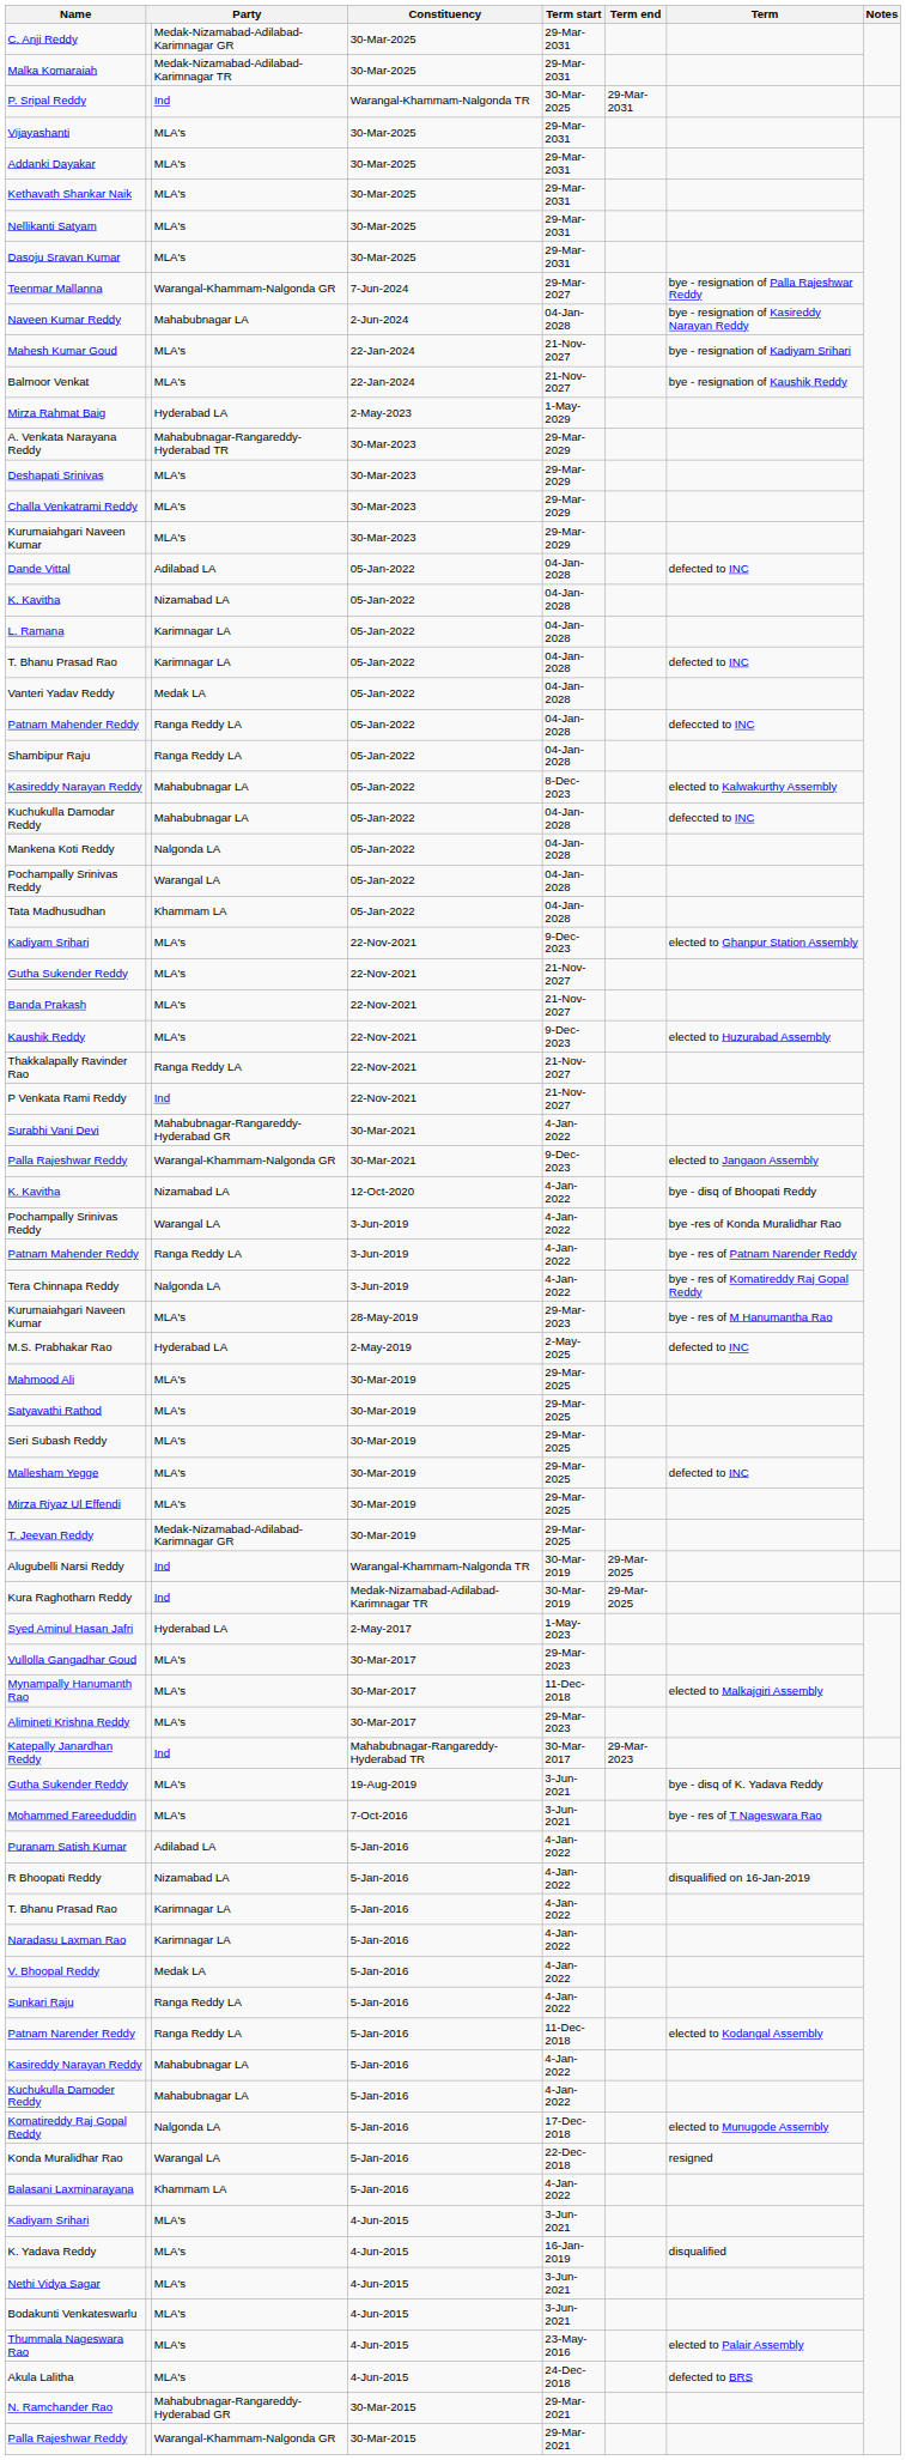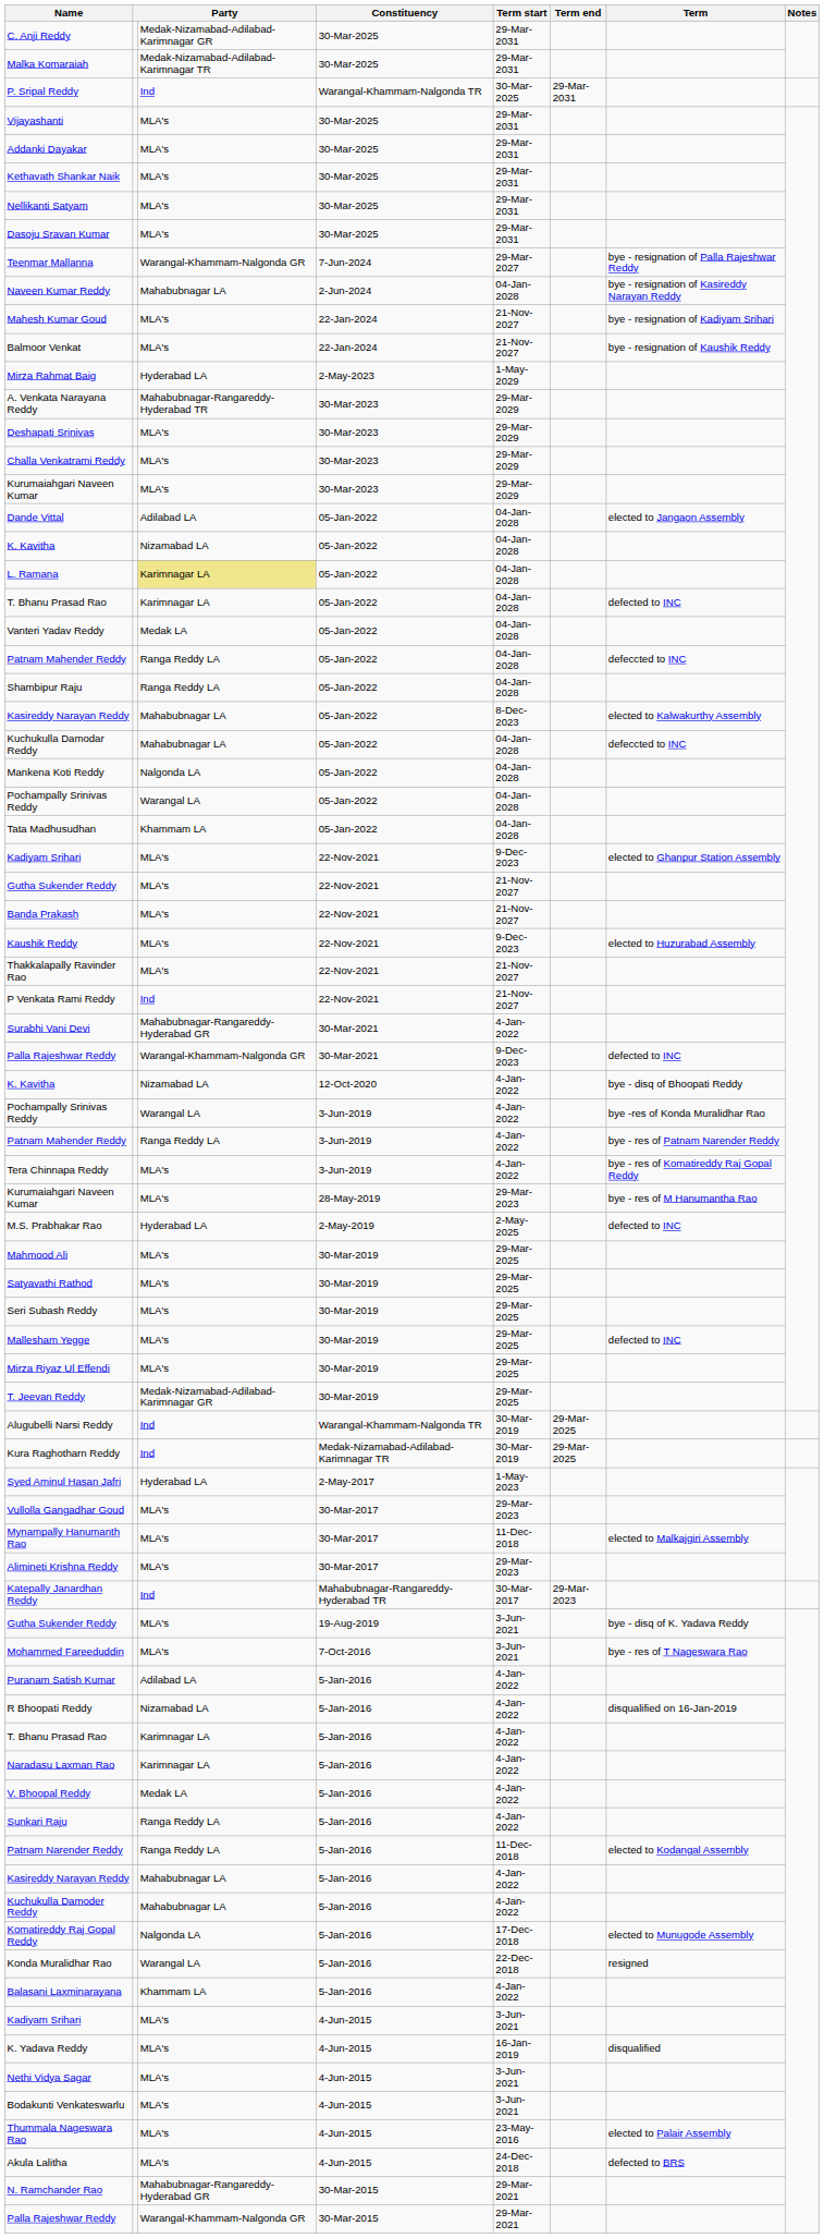 <table class="wikitable sortable">
 <tr>
 <th>Name</th>
 <th colspan="2">Party</th>
 <th>Constituency</th>
 <th>Term start</th>
 <th>Term end</th>
 <th>Term</th>
 <th>Notes</th>
 </tr>
 <tr>
 <td><a href='#'>C. Anji Reddy</a></td>
 <td></td>
 <td>Medak-Nizamabad-Adilabad-Karimnagar GR</td>
 <td>30-Mar-2025</td>
 <td>29-Mar-2031</td>
 <td></td>
 <td></td>
 </tr>
 <tr>
 <td><a href='#'>Malka Komaraiah</a></td>
 <td></td>
 <td>Medak-Nizamabad-Adilabad-Karimnagar TR</td>
 <td>30-Mar-2025</td>
 <td>29-Mar-2031</td>
 <td></td>
 <td></td>
 </tr>
 <tr>
 <td><a href='#'>P. Sripal Reddy</a></td>
 <td style="background-color: "></td>
 <td><a href='#'>Ind</a></td>
 <td>Warangal-Khammam-Nalgonda TR</td>
 <td>30-Mar-2025</td>
 <td>29-Mar-2031</td>
 <td></td>
 <td></td>
 </tr>
 <tr>
 <td><a href='#'>Vijayashanti</a></td>
 <td></td>
 <td>MLA's</td>
 <td>30-Mar-2025</td>
 <td>29-Mar-2031</td>
 <td></td>
 <td></td>
 </tr>
 <tr>
 <td><a href='#'>Addanki Dayakar</a></td>
 <td></td>
 <td>MLA's</td>
 <td>30-Mar-2025</td>
 <td>29-Mar-2031</td>
 <td></td>
 <td></td>
 </tr>
 <tr>
 <td><a href='#'>Kethavath Shankar Naik</a></td>
 <td></td>
 <td>MLA's</td>
 <td>30-Mar-2025</td>
 <td>29-Mar-2031</td>
 <td></td>
 <td></td>
 </tr>
 <tr>
 <td><a href='#'>Nellikanti Satyam</a></td>
 <td></td>
 <td>MLA's</td>
 <td>30-Mar-2025</td>
 <td>29-Mar-2031</td>
 <td></td>
 <td></td>
 </tr>
 <tr>
 <td><a href='#'>Dasoju Sravan Kumar</a></td>
 <td></td>
 <td>MLA's</td>
 <td>30-Mar-2025</td>
 <td>29-Mar-2031</td>
 <td></td>
 <td></td>
 </tr>
 <tr>
 <td><a href='#'>Teenmar Mallanna</a></td>
 <td></td>
 <td>Warangal-Khammam-Nalgonda GR</td>
 <td>7-Jun-2024</td>
 <td>29-Mar-2027</td>
 <td></td>
 <td>bye - resignation of <a href='#'>Palla Rajeshwar Reddy</a></td>
 </tr>
 <tr>
 <td><a href='#'>Naveen Kumar Reddy</a></td>
 <td></td>
 <td>Mahabubnagar LA</td>
 <td>2-Jun-2024</td>
 <td>04-Jan-2028</td>
 <td></td>
 <td>bye - resignation of <a href='#'>Kasireddy Narayan Reddy</a></td>
 </tr>
 <tr>
 <td><a href='#'>Mahesh Kumar Goud</a></td>
 <td></td>
 <td>MLA's</td>
 <td>22-Jan-2024</td>
 <td>21-Nov-2027</td>
 <td></td>
 <td>bye - resignation of <a href='#'>Kadiyam Srihari</a></td>
 </tr>
 <tr>
 <td>Balmoor Venkat</td>
 <td></td>
 <td>MLA's</td>
 <td>22-Jan-2024</td>
 <td>21-Nov-2027</td>
 <td></td>
 <td>bye - resignation of <a href='#'>Kaushik Reddy</a></td>
 </tr>
 <tr>
 <td><a href='#'>Mirza Rahmat Baig</a></td>
 <td></td>
 <td>Hyderabad LA</td>
 <td>2-May-2023</td>
 <td>1-May-2029</td>
 <td></td>
 <td></td>
 </tr>
 <tr>
 <td>A. Venkata Narayana Reddy</td>
 <td></td>
 <td>Mahabubnagar-Rangareddy-Hyderabad TR</td>
 <td>30-Mar-2023</td>
 <td>29-Mar-2029</td>
 <td></td>
 <td></td>
 </tr>
 <tr>
 <td><a href='#'>Deshapati Srinivas</a></td>
 <td></td>
 <td>MLA's</td>
 <td>30-Mar-2023</td>
 <td>29-Mar-2029</td>
 <td></td>
 <td></td>
 </tr>
 <tr>
 <td><a href='#'>Challa Venkatrami Reddy</a></td>
 <td></td>
 <td>MLA's</td>
 <td>30-Mar-2023</td>
 <td>29-Mar-2029</td>
 <td></td>
 <td></td>
 </tr>
 <tr>
 <td>Kurumaiahgari Naveen Kumar</td>
 <td></td>
 <td>MLA's</td>
 <td>30-Mar-2023</td>
 <td>29-Mar-2029</td>
 <td></td>
 <td></td>
 </tr>
 <tr>
 <td><a href='#'>Dande Vittal</a></td>
 <td></td>
 <td>Adilabad LA</td>
 <td>05-Jan-2022</td>
 <td>04-Jan-2028</td>
 <td></td>
-<td>defected to <a href='#'>INC</a></td>
+<td>elected to <a href='#'>Jangaon Assembly</a></td>
 </tr>
 <tr>
 <td><a href='#'>K. Kavitha</a></td>
 <td></td>
 <td>Nizamabad LA</td>
 <td>05-Jan-2022</td>
 <td>04-Jan-2028</td>
 <td></td>
 <td></td>
 </tr>
 <tr>
 <td><a href='#'>L. Ramana</a></td>
 <td></td>
-<td>Karimnagar LA</td>
+<td style="background: khaki;">Karimnagar LA</td>
 <td>05-Jan-2022</td>
 <td>04-Jan-2028</td>
 <td></td>
 <td></td>
 </tr>
 <tr>
 <td>T. Bhanu Prasad Rao</td>
 <td></td>
 <td>Karimnagar LA</td>
 <td>05-Jan-2022</td>
 <td>04-Jan-2028</td>
 <td></td>
 <td>defected to <a href='#'>INC</a></td>
 </tr>
 <tr>
 <td>Vanteri Yadav Reddy</td>
 <td></td>
 <td>Medak LA</td>
 <td>05-Jan-2022</td>
 <td>04-Jan-2028</td>
 <td></td>
 <td></td>
 </tr>
 <tr>
 <td><a href='#'>Patnam Mahender Reddy</a></td>
 <td></td>
 <td>Ranga Reddy LA</td>
 <td>05-Jan-2022</td>
 <td>04-Jan-2028</td>
 <td></td>
 <td>defeccted to <a href='#'>INC</a></td>
 </tr>
 <tr>
 <td>Shambipur Raju</td>
 <td></td>
 <td>Ranga Reddy LA</td>
 <td>05-Jan-2022</td>
 <td>04-Jan-2028</td>
 <td></td>
 <td></td>
 </tr>
 <tr>
 <td><a href='#'>Kasireddy Narayan Reddy</a></td>
 <td></td>
 <td>Mahabubnagar LA</td>
 <td>05-Jan-2022</td>
 <td>8-Dec-2023</td>
 <td></td>
 <td>elected to <a href='#'>Kalwakurthy Assembly</a></td>
 </tr>
 <tr>
 <td>Kuchukulla Damodar Reddy</td>
 <td></td>
 <td>Mahabubnagar LA</td>
 <td>05-Jan-2022</td>
 <td>04-Jan-2028</td>
 <td></td>
 <td>defeccted to <a href='#'>INC</a></td>
 </tr>
 <tr>
 <td>Mankena Koti Reddy</td>
 <td></td>
 <td>Nalgonda LA</td>
 <td>05-Jan-2022</td>
 <td>04-Jan-2028</td>
 <td></td>
 <td></td>
 </tr>
 <tr>
 <td>Pochampally Srinivas Reddy</td>
 <td></td>
 <td>Warangal LA</td>
 <td>05-Jan-2022</td>
 <td>04-Jan-2028</td>
 <td></td>
 <td></td>
 </tr>
 <tr>
 <td>Tata Madhusudhan</td>
 <td></td>
 <td>Khammam LA</td>
 <td>05-Jan-2022</td>
 <td>04-Jan-2028</td>
 <td></td>
 <td></td>
 </tr>
 <tr>
 <td><a href='#'>Kadiyam Srihari</a></td>
 <td></td>
 <td>MLA's</td>
 <td>22-Nov-2021</td>
 <td>9-Dec-2023</td>
 <td></td>
 <td>elected to <a href='#'>Ghanpur Station Assembly</a></td>
 </tr>
 <tr>
 <td><a href='#'>Gutha Sukender Reddy</a></td>
 <td></td>
 <td>MLA's</td>
 <td>22-Nov-2021</td>
 <td>21-Nov-2027</td>
 <td></td>
 <td></td>
 </tr>
 <tr>
 <td><a href='#'>Banda Prakash</a></td>
 <td></td>
 <td>MLA's</td>
 <td>22-Nov-2021</td>
 <td>21-Nov-2027</td>
 <td></td>
 <td></td>
 </tr>
 <tr>
 <td><a href='#'>Kaushik Reddy</a></td>
 <td></td>
 <td>MLA's</td>
 <td>22-Nov-2021</td>
 <td>9-Dec-2023</td>
 <td></td>
 <td>elected to <a href='#'>Huzurabad Assembly</a></td>
 </tr>
 <tr>
 <td>Thakkalapally Ravinder Rao</td>
 <td></td>
-<td>Ranga Reddy LA</td>
+<td>MLA's</td>
 <td>22-Nov-2021</td>
 <td>21-Nov-2027</td>
 <td></td>
 <td></td>
 </tr>
 <tr>
 <td>P Venkata Rami Reddy</td>
 <td></td>
 <td><a href='#'>Ind</a></td>
 <td>22-Nov-2021</td>
 <td>21-Nov-2027</td>
 <td></td>
 <td></td>
 </tr>
 <tr>
 <td><a href='#'>Surabhi Vani Devi</a></td>
 <td></td>
 <td>Mahabubnagar-Rangareddy-Hyderabad GR</td>
 <td>30-Mar-2021</td>
 <td>4-Jan-2022</td>
 <td></td>
 <td></td>
 </tr>
 <tr>
 <td><a href='#'>Palla Rajeshwar Reddy</a></td>
 <td></td>
 <td>Warangal-Khammam-Nalgonda GR</td>
 <td>30-Mar-2021</td>
 <td>9-Dec-2023</td>
 <td></td>
-<td>elected to <a href='#'>Jangaon Assembly</a></td>
+<td>defected to <a href='#'>INC</a></td>
 </tr>
 <tr>
 <td><a href='#'>K. Kavitha</a></td>
 <td></td>
 <td>Nizamabad LA</td>
 <td>12-Oct-2020</td>
 <td>4-Jan-2022</td>
 <td></td>
 <td>bye - disq of Bhoopati Reddy</td>
 </tr>
 <tr>
 <td>Pochampally Srinivas Reddy</td>
 <td></td>
 <td>Warangal LA</td>
 <td>3-Jun-2019</td>
 <td>4-Jan-2022</td>
 <td></td>
 <td>bye -res of Konda Muralidhar Rao</td>
 </tr>
 <tr>
 <td><a href='#'>Patnam Mahender Reddy</a></td>
 <td></td>
 <td>Ranga Reddy LA</td>
 <td>3-Jun-2019</td>
 <td>4-Jan-2022</td>
 <td></td>
 <td>bye - res of <a href='#'>Patnam Narender Reddy</a></td>
 </tr>
 <tr>
 <td>Tera Chinnapa Reddy</td>
 <td></td>
-<td>Nalgonda LA</td>
+<td>MLA's</td>
 <td>3-Jun-2019</td>
 <td>4-Jan-2022</td>
 <td></td>
 <td>bye - res of <a href='#'>Komatireddy Raj Gopal Reddy</a></td>
 </tr>
 <tr>
 <td>Kurumaiahgari Naveen Kumar</td>
 <td></td>
 <td>MLA's</td>
 <td>28-May-2019</td>
 <td>29-Mar-2023</td>
 <td></td>
 <td>bye - res of <a href='#'>M Hanumantha Rao</a></td>
 </tr>
 <tr>
 <td>M.S. Prabhakar Rao</td>
 <td></td>
 <td>Hyderabad LA</td>
 <td>2-May-2019</td>
 <td>2-May-2025</td>
 <td></td>
 <td>defected to <a href='#'>INC</a></td>
 </tr>
 <tr>
 <td><a href='#'>Mahmood Ali</a></td>
 <td></td>
 <td>MLA's</td>
 <td>30-Mar-2019</td>
 <td>29-Mar-2025</td>
 <td></td>
 <td></td>
 </tr>
 <tr>
 <td><a href='#'>Satyavathi Rathod</a></td>
 <td></td>
 <td>MLA's</td>
 <td>30-Mar-2019</td>
 <td>29-Mar-2025</td>
 <td></td>
 <td></td>
 </tr>
 <tr>
 <td>Seri Subash Reddy</td>
 <td></td>
 <td>MLA's</td>
 <td>30-Mar-2019</td>
 <td>29-Mar-2025</td>
 <td></td>
 <td></td>
 </tr>
 <tr>
 <td><a href='#'>Mallesham Yegge</a></td>
 <td></td>
 <td>MLA's</td>
 <td>30-Mar-2019</td>
 <td>29-Mar-2025</td>
 <td></td>
 <td>defected to <a href='#'>INC</a></td>
 </tr>
 <tr>
 <td><a href='#'>Mirza Riyaz Ul Effendi</a></td>
 <td></td>
 <td>MLA's</td>
 <td>30-Mar-2019</td>
 <td>29-Mar-2025</td>
 <td></td>
 <td></td>
 </tr>
 <tr>
 <td><a href='#'>T. Jeevan Reddy</a></td>
 <td></td>
 <td>Medak-Nizamabad-Adilabad-Karimnagar GR</td>
 <td>30-Mar-2019</td>
 <td>29-Mar-2025</td>
 <td></td>
 <td></td>
 </tr>
 <tr>
 <td>Alugubelli Narsi Reddy</td>
 <td style="background-color: "></td>
 <td><a href='#'>Ind</a></td>
 <td>Warangal-Khammam-Nalgonda TR</td>
 <td>30-Mar-2019</td>
 <td>29-Mar-2025</td>
 <td></td>
 <td></td>
 </tr>
 <tr>
 <td>Kura Raghotharn Reddy</td>
 <td style="background-color: "></td>
 <td><a href='#'>Ind</a></td>
 <td>Medak-Nizamabad-Adilabad-Karimnagar TR</td>
 <td>30-Mar-2019</td>
 <td>29-Mar-2025</td>
 <td></td>
 <td></td>
 </tr>
 <tr>
 <td><a href='#'>Syed Aminul Hasan Jafri</a></td>
 <td></td>
 <td>Hyderabad LA</td>
 <td>2-May-2017</td>
 <td>1-May-2023</td>
 <td></td>
 <td></td>
 </tr>
 <tr>
 <td><a href='#'>Vullolla Gangadhar Goud</a></td>
 <td></td>
 <td>MLA's</td>
 <td>30-Mar-2017</td>
 <td>29-Mar-2023</td>
 <td></td>
 <td></td>
 </tr>
 <tr>
 <td><a href='#'>Mynampally Hanumanth Rao</a></td>
 <td></td>
 <td>MLA's</td>
 <td>30-Mar-2017</td>
 <td>11-Dec-2018</td>
 <td></td>
 <td>elected to <a href='#'>Malkajgiri Assembly</a></td>
 </tr>
 <tr>
 <td><a href='#'>Alimineti Krishna Reddy</a></td>
 <td></td>
 <td>MLA's</td>
 <td>30-Mar-2017</td>
 <td>29-Mar-2023</td>
 <td></td>
 <td></td>
 </tr>
 <tr>
 <td><a href='#'>Katepally Janardhan Reddy</a></td>
 <td style="background-color: "></td>
 <td><a href='#'>Ind</a></td>
 <td>Mahabubnagar-Rangareddy-Hyderabad TR</td>
 <td>30-Mar-2017</td>
 <td>29-Mar-2023</td>
 <td></td>
 <td></td>
 </tr>
 <tr>
 <td><a href='#'>Gutha Sukender Reddy</a></td>
 <td></td>
 <td>MLA's</td>
 <td>19-Aug-2019</td>
 <td>3-Jun-2021</td>
 <td></td>
 <td>bye - disq of K. Yadava Reddy</td>
 </tr>
 <tr>
 <td><a href='#'>Mohammed Fareeduddin</a></td>
 <td></td>
 <td>MLA's</td>
 <td>7-Oct-2016</td>
 <td>3-Jun-2021</td>
 <td></td>
 <td>bye - res of <a href='#'>T Nageswara Rao</a></td>
 </tr>
 <tr>
 <td><a href='#'>Puranam Satish Kumar</a></td>
 <td></td>
 <td>Adilabad LA</td>
 <td>5-Jan-2016</td>
 <td>4-Jan-2022</td>
 <td></td>
 <td></td>
 </tr>
 <tr>
 <td>R Bhoopati Reddy</td>
 <td></td>
 <td>Nizamabad LA</td>
 <td>5-Jan-2016</td>
 <td>4-Jan-2022</td>
 <td></td>
 <td>disqualified on 16-Jan-2019</td>
 </tr>
 <tr>
 <td>T. Bhanu Prasad Rao</td>
 <td></td>
 <td>Karimnagar LA</td>
 <td>5-Jan-2016</td>
 <td>4-Jan-2022</td>
 <td></td>
 <td></td>
 </tr>
 <tr>
 <td><a href='#'>Naradasu Laxman Rao</a></td>
 <td></td>
 <td>Karimnagar LA</td>
 <td>5-Jan-2016</td>
 <td>4-Jan-2022</td>
 <td></td>
 <td></td>
 </tr>
 <tr>
 <td><a href='#'>V. Bhoopal Reddy</a></td>
 <td></td>
 <td>Medak LA</td>
 <td>5-Jan-2016</td>
 <td>4-Jan-2022</td>
 <td></td>
 <td></td>
 </tr>
 <tr>
 <td><a href='#'>Sunkari Raju</a></td>
 <td></td>
 <td>Ranga Reddy LA</td>
 <td>5-Jan-2016</td>
 <td>4-Jan-2022</td>
 <td></td>
 <td></td>
 </tr>
 <tr>
 <td><a href='#'>Patnam Narender Reddy</a></td>
 <td></td>
 <td>Ranga Reddy LA</td>
 <td>5-Jan-2016</td>
 <td>11-Dec-2018</td>
 <td></td>
 <td>elected to <a href='#'>Kodangal Assembly</a></td>
 </tr>
 <tr>
 <td><a href='#'>Kasireddy Narayan Reddy</a></td>
 <td></td>
 <td>Mahabubnagar LA</td>
 <td>5-Jan-2016</td>
 <td>4-Jan-2022</td>
 <td></td>
 <td></td>
 </tr>
 <tr>
 <td><a href='#'>Kuchukulla Damoder Reddy</a></td>
 <td></td>
 <td>Mahabubnagar LA</td>
 <td>5-Jan-2016</td>
 <td>4-Jan-2022</td>
 <td></td>
 <td></td>
 </tr>
 <tr>
 <td><a href='#'>Komatireddy Raj Gopal Reddy</a></td>
 <td></td>
 <td>Nalgonda LA</td>
 <td>5-Jan-2016</td>
 <td>17-Dec-2018</td>
 <td></td>
 <td>elected to <a href='#'>Munugode Assembly</a></td>
 </tr>
 <tr>
 <td>Konda Muralidhar Rao</td>
 <td></td>
 <td>Warangal LA</td>
 <td>5-Jan-2016</td>
 <td>22-Dec-2018</td>
 <td></td>
 <td>resigned</td>
 </tr>
 <tr>
 <td><a href='#'>Balasani Laxminarayana</a></td>
 <td></td>
 <td>Khammam LA</td>
 <td>5-Jan-2016</td>
 <td>4-Jan-2022</td>
 <td></td>
 <td></td>
 </tr>
 <tr>
 <td><a href='#'>Kadiyam Srihari</a></td>
 <td></td>
 <td>MLA's</td>
 <td>4-Jun-2015</td>
 <td>3-Jun-2021</td>
 <td></td>
 <td></td>
 </tr>
 <tr>
 <td>K. Yadava Reddy</td>
 <td></td>
 <td>MLA's</td>
 <td>4-Jun-2015</td>
 <td>16-Jan-2019</td>
 <td></td>
 <td>disqualified</td>
 </tr>
 <tr>
 <td><a href='#'>Nethi Vidya Sagar</a></td>
 <td></td>
 <td>MLA's</td>
 <td>4-Jun-2015</td>
 <td>3-Jun-2021</td>
 <td></td>
 <td></td>
 </tr>
 <tr>
 <td>Bodakunti Venkateswarlu</td>
 <td></td>
 <td>MLA's</td>
 <td>4-Jun-2015</td>
 <td>3-Jun-2021</td>
 <td></td>
 <td></td>
 </tr>
 <tr>
 <td><a href='#'>Thummala Nageswara Rao</a></td>
 <td></td>
 <td>MLA's</td>
 <td>4-Jun-2015</td>
 <td>23-May-2016</td>
 <td></td>
 <td>elected to <a href='#'>Palair Assembly</a></td>
 </tr>
 <tr>
 <td>Akula Lalitha</td>
 <td></td>
 <td>MLA's</td>
 <td>4-Jun-2015</td>
 <td>24-Dec-2018</td>
 <td></td>
 <td>defected to <a href='#'>BRS</a></td>
 </tr>
 <tr>
 <td><a href='#'>N. Ramchander Rao</a></td>
 <td></td>
 <td>Mahabubnagar-Rangareddy-Hyderabad GR</td>
 <td>30-Mar-2015</td>
 <td>29-Mar-2021</td>
 <td></td>
 <td></td>
 </tr>
 <tr>
 <td><a href='#'>Palla Rajeshwar Reddy</a></td>
 <td></td>
 <td>Warangal-Khammam-Nalgonda GR</td>
 <td>30-Mar-2015</td>
 <td>29-Mar-2021</td>
 <td></td>
 <td></td>
 </tr>
 </table>
